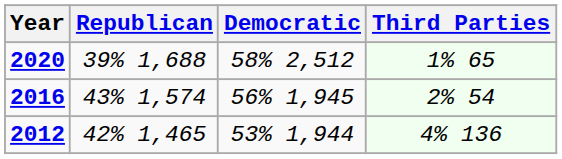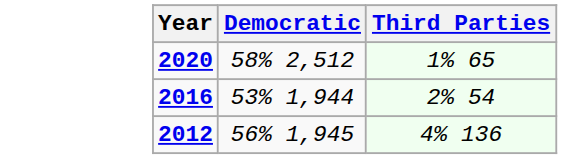 <table class="wikitable" style="float:right; font-size:95%;">
 <tr bgcolor=lightgrey>
 <th>Year</th>
-<th><a href='#'>Republican</a></th>
 <th><a href='#'>Democratic</a></th>
 <th><a href='#'>Third Parties</a></th>
 </tr>
 <tr>
 <td style="text-align:center; "><strong><a href='#'>2020</a></strong></td>
-<td style="text-align:center; "><em>39%</em> <em>1,688</em></td>
 <td style="text-align:center; "><em>58%</em> <em>2,512</em></td>
 <td style="text-align:center; background:honeyDew;"><em>1%</em> <em>65</em></td>
 </tr>
 <tr>
 <td style="text-align:center; "><strong><a href='#'>2016</a></strong></td>
-<td style="text-align:center; "><em>43%</em> <em>1,574</em></td>
-<td style="text-align:center; "><em>56%</em> <em>1,945</em></td>
+<td style="text-align:center; "><em>53%</em> <em>1,944</em></td>
 <td style="text-align:center; background:honeyDew;"><em>2%</em> <em>54</em></td>
 </tr>
 <tr>
 <td style="text-align:center; "><strong><a href='#'>2012</a></strong></td>
-<td style="text-align:center; "><em>42%</em> <em>1,465</em></td>
-<td style="text-align:center; "><em>53%</em> <em>1,944</em></td>
+<td style="text-align:center; "><em>56%</em> <em>1,945</em></td>
 <td style="text-align:center; background:honeyDew;"><em>4%</em> <em>136</em></td>
 </tr>
 </table>
